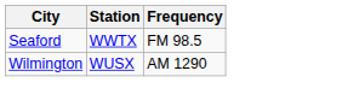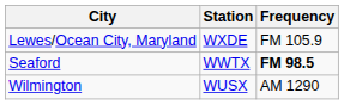 <table class="wikitable sortable">
 <tr>
 <th>City</th>
 <th>Station</th>
 <th>Frequency</th>
 </tr>
 <tr>
+<td><a href='#'>Lewes</a>/<a href='#'>Ocean City, Maryland</a></td>
+<td><a href='#'>WXDE</a></td>
+<td>FM 105.9</td>
+</tr>
+<tr>
 <td><a href='#'>Seaford</a></td>
 <td><a href='#'>WWTX</a></td>
-<td>FM 98.5</td>
+<td><strong>FM 98.5</strong></td>
 </tr>
 <tr>
 <td><a href='#'>Wilmington</a></td>
 <td><a href='#'>WUSX</a></td>
 <td>AM 1290</td>
 </tr>
 </table>
